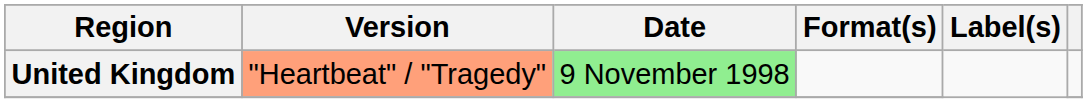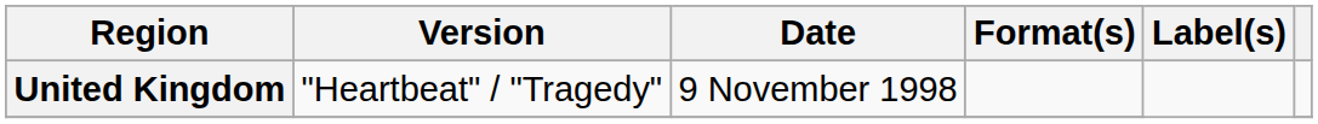 <table class="wikitable plainrowheaders">
 <tr>
 <th scope="col">Region</th>
 <th scope="col">Version</th>
 <th scope="col">Date</th>
 <th scope="col">Format(s)</th>
 <th scope="col">Label(s)</th>
 <th scope="col"></th>
 </tr>
 <tr>
 <th scope="row">United Kingdom</th>
-<td style="background: lightsalmon;">"Heartbeat" / "Tragedy"</td>
-<td style="background: lightgreen;">9 November 1998</td>
+<td>"Heartbeat" / "Tragedy"</td>
+<td>9 November 1998</td>
 <td></td>
 <td rowspan="2"></td>
 <td align="center"></td>
 </tr>
 <tr>
 </tr>
 </table>
